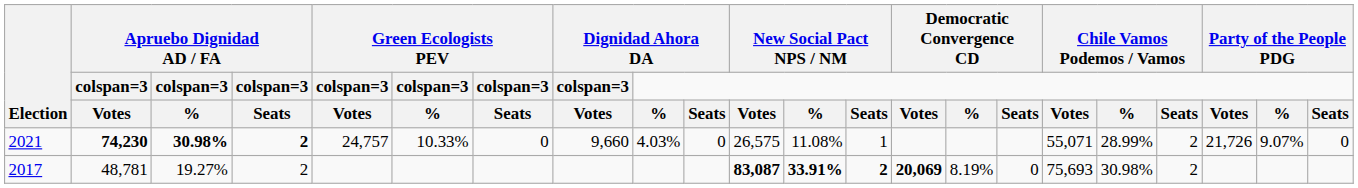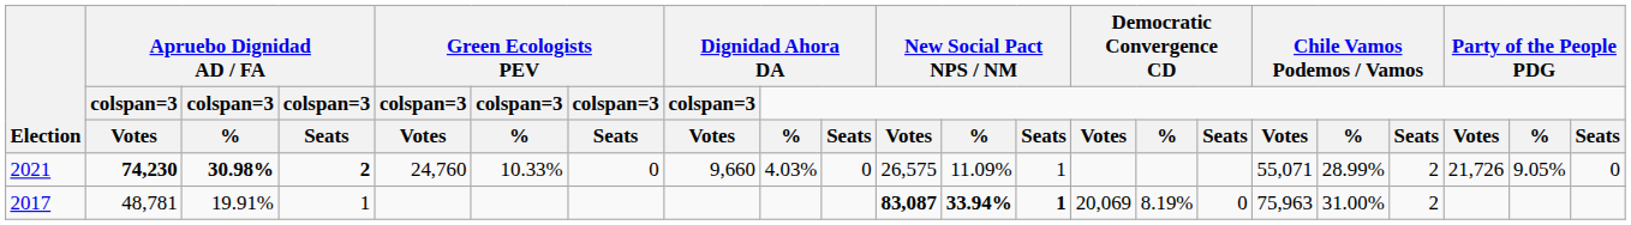 <table class="wikitable" border="1" style="font-size:95%; text-align:right;">
 <tr>
 <th style="text-align:left;" valign=bottom rowspan=3>Election</th>
 <th valign=bottom colspan=3><a href='#'>Apruebo Dignidad</a><br>AD / FA</th>
 <th valign=bottom colspan=3><a href='#'>Green Ecologists</a><br>PEV</th>
 <th valign=bottom colspan=3><a href='#'>Dignidad Ahora</a><br>DA</th>
 <th valign=bottom colspan=3><a href='#'>New Social Pact</a><br>NPS / NM</th>
 <th valign=bottom colspan=3>Democratic<br>Convergence<br>CD</th>
 <th valign=bottom colspan=3><a href='#'>Chile Vamos</a><br>Podemos / Vamos</th>
 <th valign=bottom colspan=3><a href='#'>Party of the People</a><br>PDG</th>
 </tr>
 <tr>
 <th>colspan=3 </th>
 <th>colspan=3 </th>
 <th>colspan=3 </th>
 <th>colspan=3 </th>
 <th>colspan=3 </th>
 <th>colspan=3 </th>
 <th>colspan=3 </th>
 </tr>
 <tr>
 <th>Votes</th>
 <th>%</th>
 <th>Seats</th>
 <th>Votes</th>
 <th>%</th>
 <th>Seats</th>
 <th>Votes</th>
 <th>%</th>
 <th>Seats</th>
 <th>Votes</th>
 <th>%</th>
 <th>Seats</th>
 <th>Votes</th>
 <th>%</th>
 <th>Seats</th>
 <th>Votes</th>
 <th>%</th>
 <th>Seats</th>
 <th>Votes</th>
 <th>%</th>
 <th>Seats</th>
 </tr>
 <tr>
 <td align=left><a href='#'>2021</a></td>
 <td><strong>74,230</strong></td>
 <td><strong>30.98%</strong></td>
 <td><strong>2</strong></td>
-<td>24,757</td>
+<td>24,760</td>
 <td>10.33%</td>
 <td>0</td>
 <td>9,660</td>
 <td>4.03%</td>
 <td>0</td>
 <td>26,575</td>
-<td>11.08%</td>
+<td>11.09%</td>
 <td>1</td>
 <td></td>
 <td></td>
 <td></td>
 <td>55,071</td>
 <td>28.99%</td>
 <td>2</td>
 <td>21,726</td>
-<td>9.07%</td>
+<td>9.05%</td>
 <td>0</td>
 </tr>
 <tr>
 <td align=left><a href='#'>2017</a></td>
 <td>48,781</td>
-<td>19.27%</td>
-<td>2</td>
+<td>19.91%</td>
+<td>1</td>
 <td></td>
 <td></td>
 <td></td>
 <td></td>
 <td></td>
 <td></td>
 <td><strong>83,087</strong></td>
-<td><strong>33.91%</strong></td>
-<td><strong>2</strong></td>
-<td><strong>20,069</strong></td>
+<td><strong>33.94%</strong></td>
+<td><strong>1</strong></td>
+<td>20,069</td>
 <td>8.19%</td>
 <td>0</td>
-<td>75,693</td>
-<td>30.98%</td>
+<td>75,963</td>
+<td>31.00%</td>
 <td>2</td>
 <td></td>
 <td></td>
 <td></td>
 </tr>
 </table>
